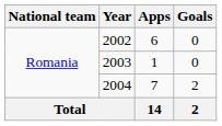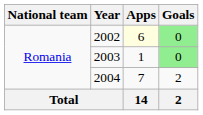 <table class="wikitable" style="text-align:center">
 <tr>
 <th>National team</th>
 <th>Year</th>
 <th>Apps</th>
 <th>Goals</th>
 </tr>
 <tr>
 <td rowspan="3"><a href='#'>Romania</a></td>
 <td>2002</td>
-<td>6</td>
-<td>0</td>
+<td style="background: lightyellow;">6</td>
+<td style="background: lightgreen;">0</td>
 </tr>
 <tr>
 <td>2003</td>
 <td>1</td>
-<td>0</td>
+<td style="background: lightgreen;">0</td>
 </tr>
 <tr>
 <td>2004</td>
 <td>7</td>
 <td>2</td>
 </tr>
 <tr>
 <th colspan="2">Total</th>
 <th>14</th>
 <th>2</th>
 </tr>
 </table>
